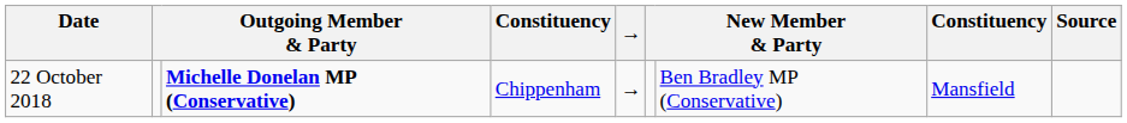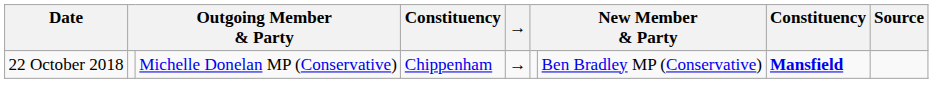 <table class="wikitable">
 <tr>
 <th valign="top">Date</th>
 <th colspan="2" valign="top">Outgoing Member<br>& Party</th>
 <th valign="top">Constituency</th>
 <th>→</th>
 <th colspan="2" valign="top">New Member<br>& Party</th>
 <th valign="top">Constituency</th>
 <th valign="top">Source</th>
 </tr>
 <tr>
 <td>22 October 2018</td>
 <td style="color:inherit;background:"></td>
-<td><strong><a href='#'>Michelle Donelan</a> MP (<a href='#'>Conservative</a>)</strong></td>
+<td><a href='#'>Michelle Donelan</a> MP (<a href='#'>Conservative</a>)</td>
 <td><a href='#'>Chippenham</a></td>
 <td>→</td>
 <td style="color:inherit;background:"></td>
 <td><a href='#'>Ben Bradley</a> MP (<a href='#'>Conservative</a>)</td>
-<td><a href='#'>Mansfield</a></td>
+<td><strong><a href='#'>Mansfield</a></strong></td>
 <td></td>
 </tr>
 </table>
